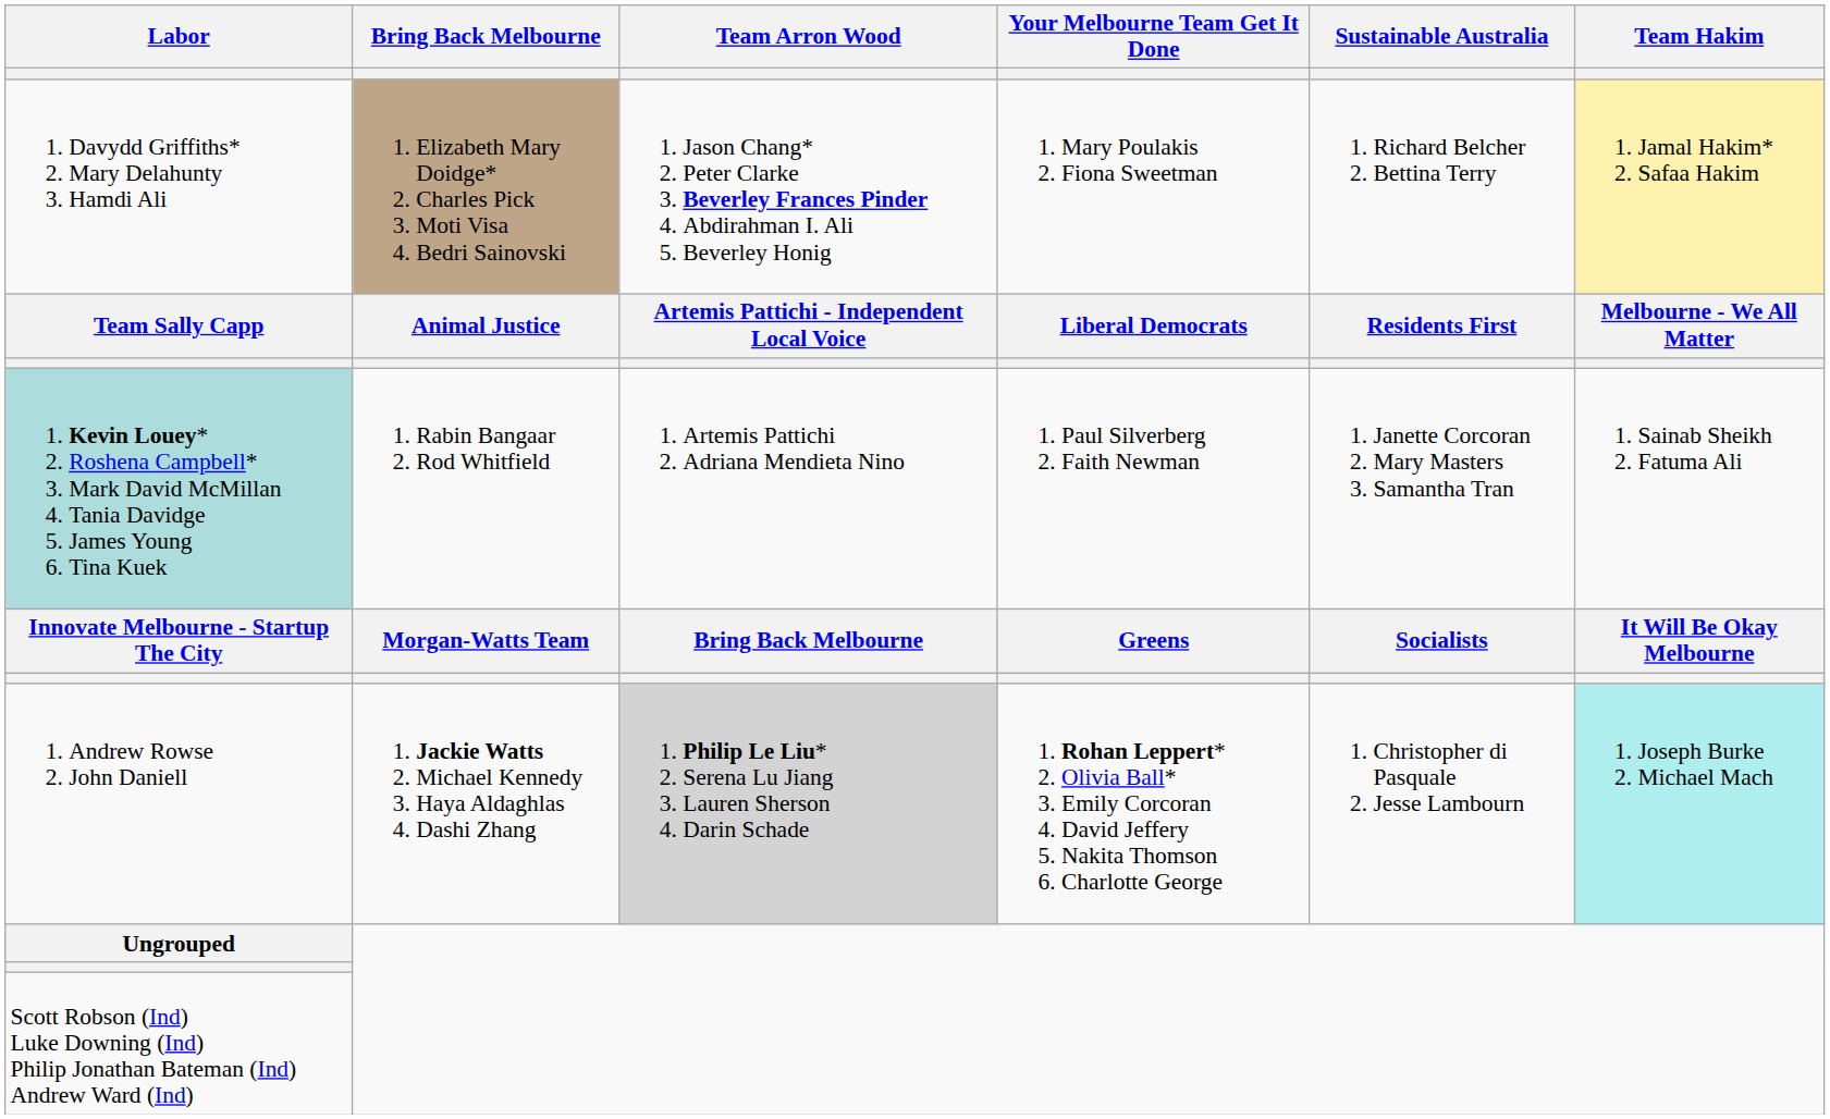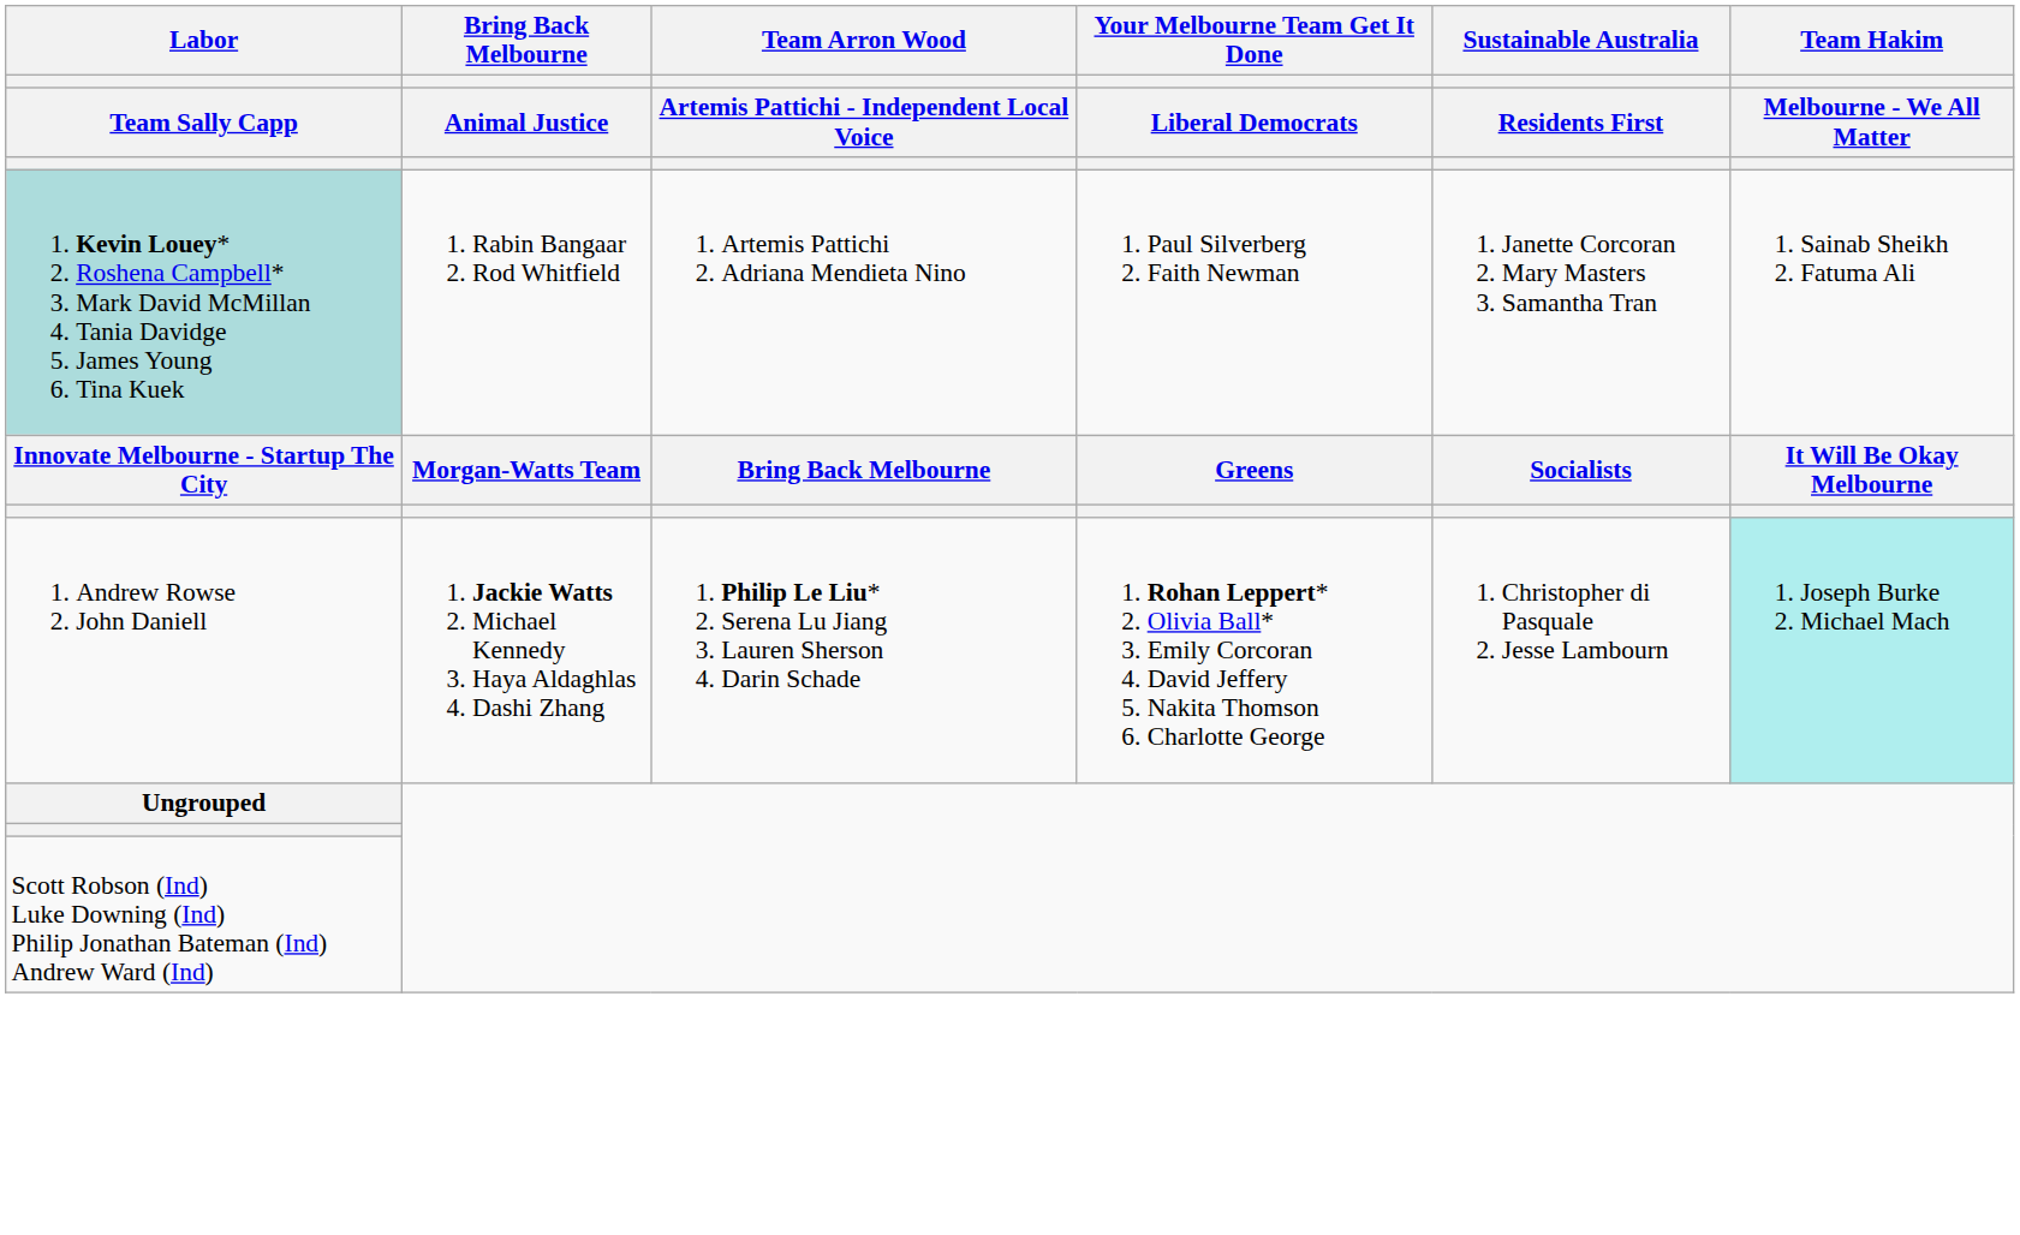 <table class=wikitable>
 <tr>
 <th><a href='#'>Labor</a></th>
 <th><a href='#'>Bring Back Melbourne</a></th>
 <th><a href='#'>Team Arron Wood</a></th>
 <th><a href='#'>Your Melbourne Team Get It Done</a></th>
 <th><a href='#'>Sustainable Australia</a></th>
 <th><a href='#'>Team Hakim</a></th>
 </tr>
 <tr style=background:#ccc>
 <th></th>
 <th></th>
 <th></th>
 <th></th>
 <th></th>
 <th></th>
-</tr>
-<tr>
-<td valign=top ><br><ol><li>Davydd Griffiths*</li><li>Mary Delahunty</li><li>Hamdi Ali</li></ol></td>
-<td valign=top style="background:#BFA588"><br><ol><li>Elizabeth Mary Doidge*</li><li>Charles Pick</li><li>Moti Visa</li><li>Bedri Sainovski</li></ol></td>
-<td valign=top ><br><ol><li>Jason Chang*</li><li>Peter Clarke</li><li><strong><a href='#'>Beverley Frances Pinder</a></strong></li><li>Abdirahman I. Ali</li><li>Beverley Honig</li></ol></td>
-<td valign=top><br><ol><li>Mary Poulakis</li><li>Fiona Sweetman</li></ol></td>
-<td valign=top><br><ol><li>Richard Belcher</li><li>Bettina Terry</li></ol></td>
-<td valign=top style="background:#FFF2AE"><br><ol><li>Jamal Hakim*</li><li>Safaa Hakim</li></ol></td>
 </tr>
 <tr bgcolor="#cccccc">
 <th><a href='#'>Team Sally Capp</a></th>
 <th><a href='#'>Animal Justice</a></th>
 <th><a href='#'>Artemis Pattichi - Independent Local Voice</a></th>
 <th><a href='#'>Liberal Democrats</a></th>
 <th><a href='#'>Residents First</a></th>
 <th><a href='#'>Melbourne - We All Matter</a></th>
 </tr>
 <tr style=background:#ccc>
 <th></th>
 <th></th>
 <th></th>
 <th></th>
 <th></th>
 <th></th>
 </tr>
 <tr>
 <td valign=top style="background:#ACDCDC"><br><ol><li><strong>Kevin Louey</strong>*</li><li><a href='#'>Roshena Campbell</a>*</li><li>Mark David McMillan</li><li>Tania Davidge</li><li>James Young</li><li>Tina Kuek</li></ol></td>
 <td valign=top><br><ol><li>Rabin Bangaar</li><li>Rod Whitfield</li></ol></td>
 <td valign=top><br><ol><li>Artemis Pattichi</li><li>Adriana Mendieta Nino</li></ol></td>
 <td valign=top><br><ol><li>Paul Silverberg</li><li>Faith Newman</li></ol></td>
 <td valign=top><br><ol><li>Janette Corcoran</li><li>Mary Masters</li><li>Samantha Tran</li></ol></td>
 <td valign=top><br><ol><li>Sainab Sheikh</li><li>Fatuma Ali</li></ol></td>
 </tr>
 <tr bgcolor="#cccccc">
 <th><a href='#'>Innovate Melbourne - Startup The City</a></th>
 <th><a href='#'>Morgan-Watts Team</a></th>
 <th><a href='#'>Bring Back Melbourne</a></th>
 <th><a href='#'>Greens</a></th>
 <th><a href='#'>Socialists</a></th>
 <th><a href='#'>It Will Be Okay Melbourne</a></th>
 </tr>
 <tr style=background:#ccc>
 <th></th>
 <th></th>
 <th></th>
 <th></th>
 <th></th>
 <th></th>
 </tr>
 <tr>
 <td valign=top><br><ol><li>Andrew Rowse</li><li>John Daniell</li></ol></td>
 <td valign=top><br><ol><li><strong>Jackie Watts</strong></li><li>Michael Kennedy</li><li>Haya Aldaghlas</li><li>Dashi Zhang</li></ol></td>
-<td valign=top  style="background: lightgrey;"><br><ol><li><strong>Philip Le Liu</strong>*</li><li>Serena Lu Jiang</li><li>Lauren Sherson</li><li>Darin Schade</li></ol></td>
+<td valign=top ><br><ol><li><strong>Philip Le Liu</strong>*</li><li>Serena Lu Jiang</li><li>Lauren Sherson</li><li>Darin Schade</li></ol></td>
 <td valign=top ><br><ol><li><strong>Rohan Leppert</strong>*</li><li><a href='#'>Olivia Ball</a>*</li><li>Emily Corcoran</li><li>David Jeffery</li><li>Nakita Thomson</li><li>Charlotte George</li></ol></td>
 <td valign=top><br><ol><li>Christopher di Pasquale</li><li>Jesse Lambourn</li></ol></td>
 <td valign=top style="background: paleturquoise;"><br><ol><li>Joseph Burke</li><li>Michael Mach</li></ol></td>
 </tr>
 <tr bgcolor="#cccccc">
 <th>Ungrouped</th>
 </tr>
 <tr style=background:#ccc>
 <th></th>
 </tr>
 <tr>
 <td valign=top><br>Scott Robson (<a href='#'>Ind</a>)<br>Luke Downing (<a href='#'>Ind</a>)<br>Philip Jonathan Bateman (<a href='#'>Ind</a>)<br>Andrew Ward (<a href='#'>Ind</a>)</td>
 </tr>
 </table>
